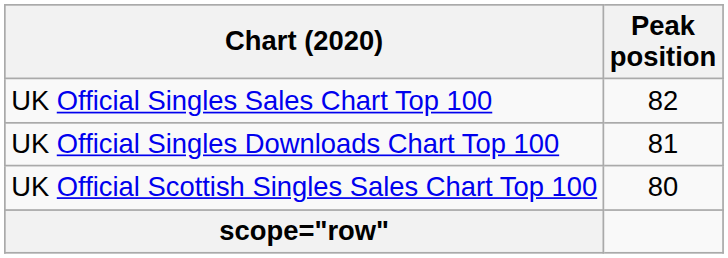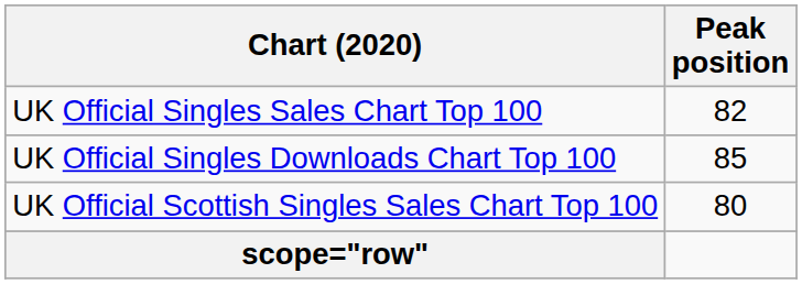 <table class="wikitable sortable plainrowheaders">
 <tr>
 <th scope="col">Chart (2020)</th>
 <th scope="col">Peak<br>position</th>
 </tr>
 <tr>
 <td>UK <a href='#'>Official Singles Sales Chart Top 100</a></td>
 <td align="center">82</td>
 </tr>
 <tr>
 <td>UK <a href='#'>Official Singles Downloads Chart Top 100</a></td>
-<td align="center">81</td>
+<td align="center">85</td>
 </tr>
 <tr>
 <td>UK <a href='#'>Official Scottish Singles Sales Chart Top 100</a></td>
 <td align="center">80</td>
 </tr>
 <tr>
 <th>scope="row" </th>
 </tr>
 </table>
